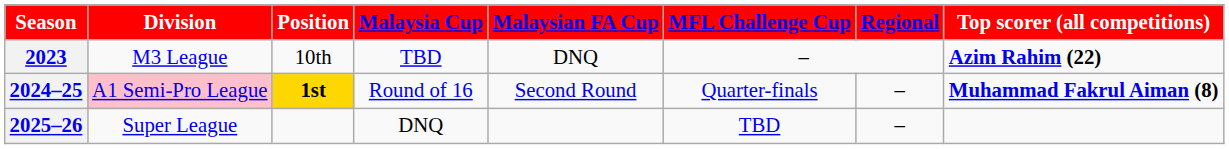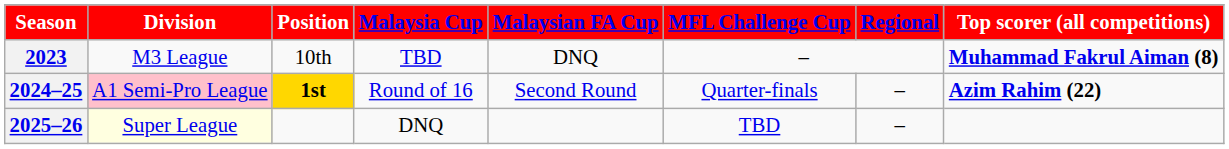 <table class="wikitable" style="font-size:89%;">
 <tr>
 <th style="background:red; color:White; text-align:center; ">Season</th>
 <th style="background:red; color:White; text-align:center; ">Division</th>
 <th style="background:red; color:White; text-align:center; ">Position</th>
 <th style="background:red; color:White; text-align:center; "><a href='#'>Malaysia Cup</a></th>
 <th style="background:red; color:White; text-align:center; "><a href='#'>Malaysian FA Cup</a></th>
 <th style="background:red; color:White; text-align:center; "><a href='#'>MFL Challenge Cup</a></th>
 <th style="background:red; color:White; text-align:center; "><a href='#'>Regional</a></th>
 <th style="background:red; color:White; text-align:center; ">Top scorer (all competitions)</th>
 </tr>
 <tr>
 <th style="text-align:center;"><a href='#'>2023</a></th>
 <td style="text-align:center;"><a href='#'>M3 League</a></td>
 <td style="text-align:center;">10th</td>
 <td style="text-align:center;"><a href='#'>TBD</a></td>
 <td style="text-align:center;">DNQ</td>
 <td colspan=2 style="text-align:center;">–</td>
-<td><strong> <a href='#'>Azim Rahim</a> (22)</strong></td>
+<td><strong> <a href='#'>Muhammad Fakrul Aiman</a> (8)</strong></td>
 </tr>
 <tr>
 <th style="text-align:center;"><a href='#'>2024–25</a></th>
 <td style="background: pink; text-align:center;"><a href='#'>A1 Semi-Pro League</a></td>
 <td bgcolor=gold style="text-align:center;"><strong>1st</strong></td>
 <td style="text-align:center;"><a href='#'>Round of 16</a></td>
 <td style="text-align:center;"><a href='#'>Second Round</a></td>
 <td style="text-align:center;"><a href='#'>Quarter-finals</a></td>
 <td style="text-align:center;">–</td>
-<td><strong> <a href='#'>Muhammad Fakrul Aiman</a> (8)</strong></td>
+<td><strong> <a href='#'>Azim Rahim</a> (22)</strong></td>
 </tr>
 <tr>
 <th style="text-align:center;"><a href='#'>2025–26</a></th>
-<td style="text-align:center;"><a href='#'>Super League</a></td>
+<td style="background: lightyellow; text-align:center;"><a href='#'>Super League</a></td>
 <td style="text-align:center;"></td>
 <td style="text-align:center;">DNQ</td>
 <td style="text-align:center;"></td>
 <td style="text-align:center;"><a href='#'>TBD</a></td>
 <td style="text-align:center;">–</td>
 <td></td>
 </tr>
 </table>
